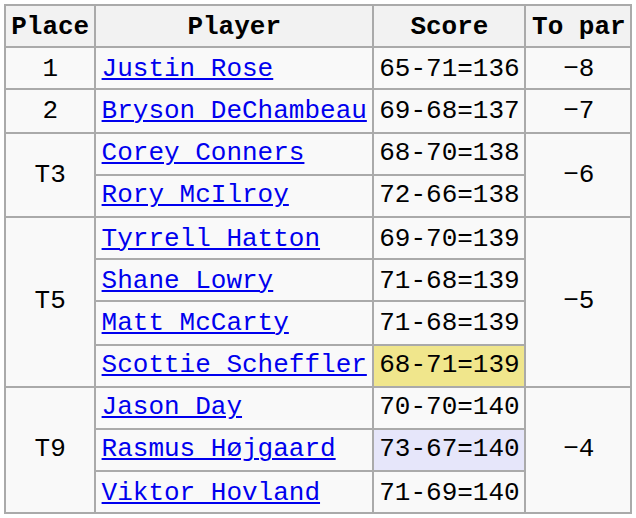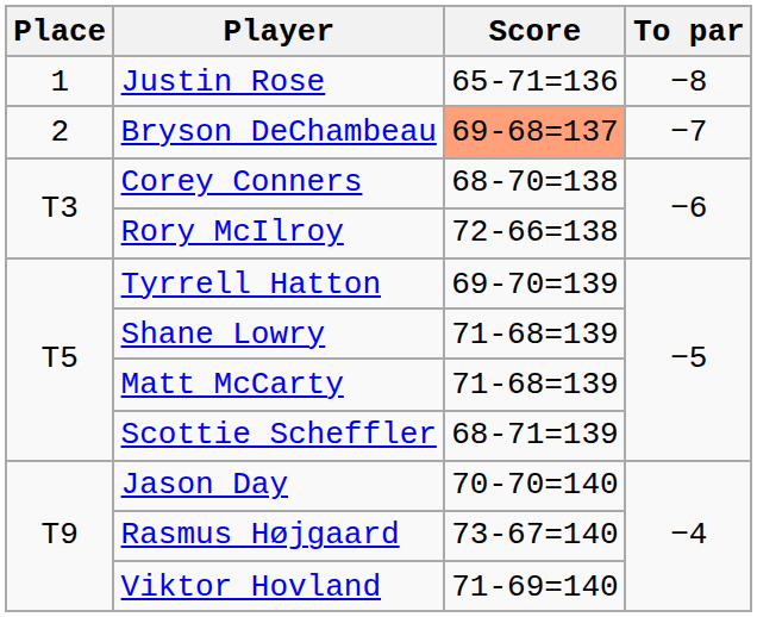 <table class="wikitable">
 <tr>
 <th>Place</th>
 <th>Player</th>
 <th>Score</th>
 <th>To par</th>
 </tr>
 <tr>
 <td align=center>1</td>
 <td> <a href='#'>Justin Rose</a></td>
 <td>65-71=136</td>
 <td align=center>−8</td>
 </tr>
 <tr>
 <td align=center>2</td>
 <td> <a href='#'>Bryson DeChambeau</a></td>
-<td>69-68=137</td>
+<td style="background: lightsalmon;">69-68=137</td>
 <td align=center>−7</td>
 </tr>
 <tr>
 <td rowspan=2 align=center>T3</td>
 <td> <a href='#'>Corey Conners</a></td>
 <td>68-70=138</td>
 <td rowspan=2 align=center>−6</td>
 </tr>
 <tr>
 <td> <a href='#'>Rory McIlroy</a></td>
 <td>72-66=138</td>
 </tr>
 <tr>
 <td rowspan=4 align=center>T5</td>
 <td> <a href='#'>Tyrrell Hatton</a></td>
 <td>69-70=139</td>
 <td rowspan=4 align=center>−5</td>
 </tr>
 <tr>
 <td> <a href='#'>Shane Lowry</a></td>
 <td>71-68=139</td>
 </tr>
 <tr>
 <td> <a href='#'>Matt McCarty</a></td>
 <td>71-68=139</td>
 </tr>
 <tr>
 <td> <a href='#'>Scottie Scheffler</a></td>
-<td style="background: khaki;">68-71=139</td>
+<td>68-71=139</td>
 </tr>
 <tr>
 <td rowspan=3 align=center>T9</td>
 <td> <a href='#'>Jason Day</a></td>
 <td>70-70=140</td>
 <td rowspan=3 align=center>−4</td>
 </tr>
 <tr>
 <td> <a href='#'>Rasmus Højgaard</a></td>
-<td style="background: lavender;">73-67=140</td>
+<td>73-67=140</td>
 </tr>
 <tr>
 <td> <a href='#'>Viktor Hovland</a></td>
 <td>71-69=140</td>
 </tr>
 </table>
